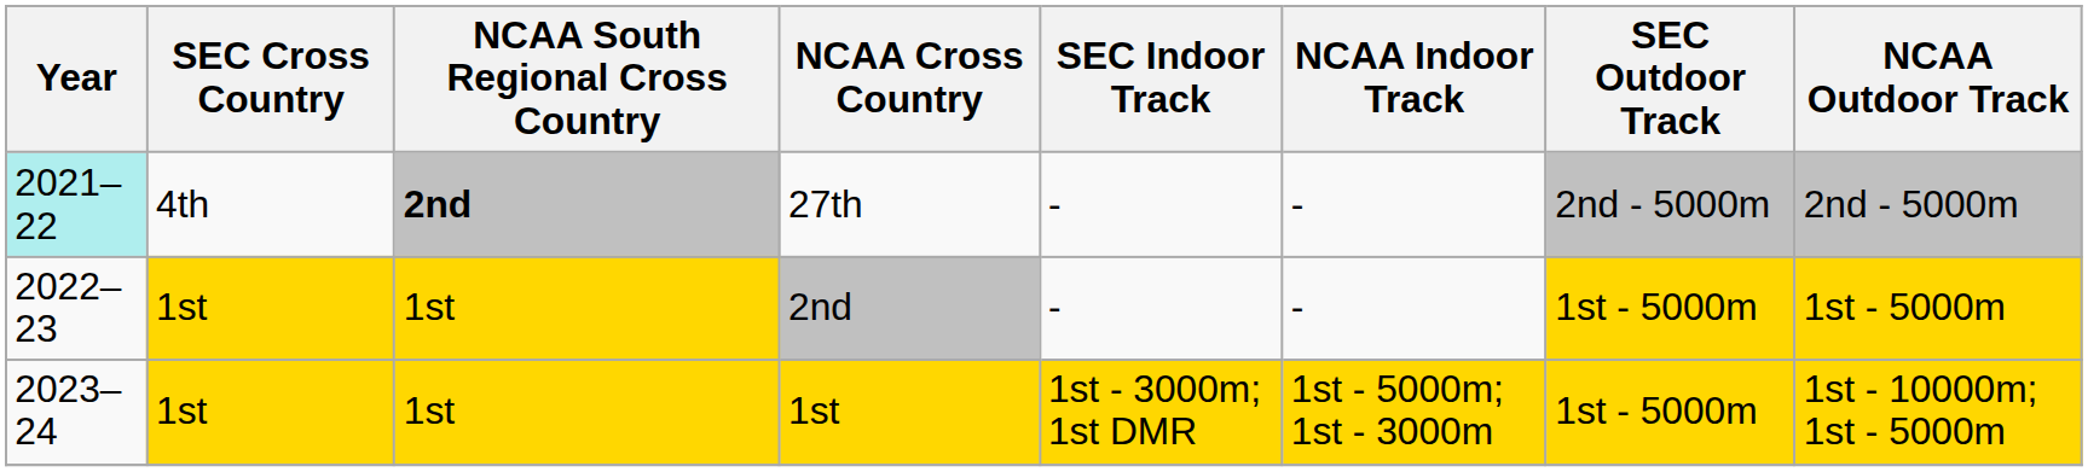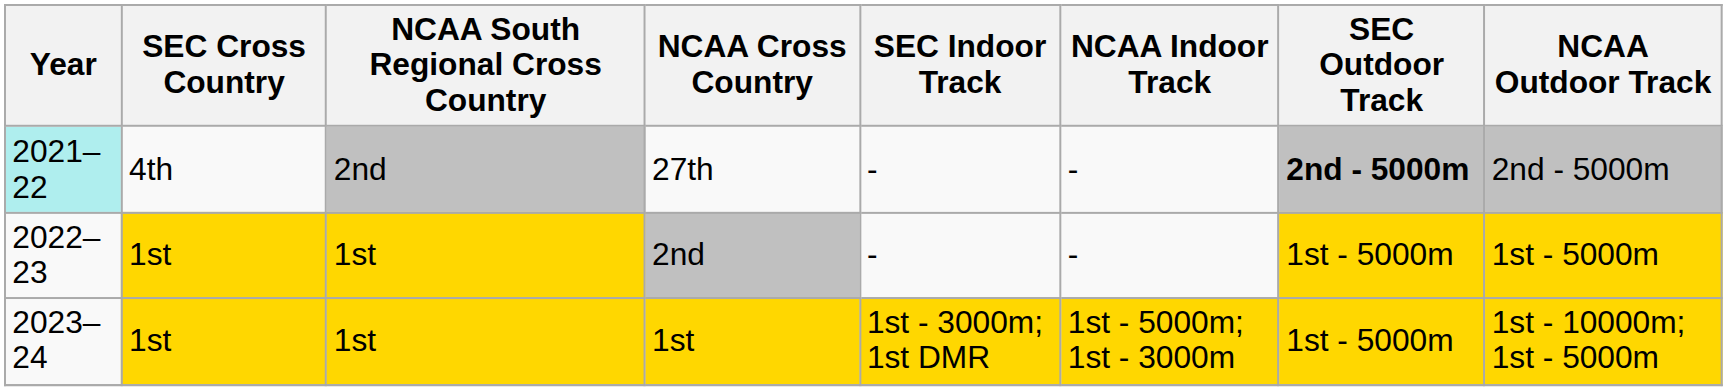 <table class="wikitable sortable">
 <tr>
 <th>Year</th>
 <th>SEC Cross Country</th>
 <th>NCAA South Regional Cross Country</th>
 <th>NCAA Cross Country</th>
 <th>SEC Indoor Track</th>
 <th>NCAA Indoor Track</th>
 <th>SEC Outdoor Track</th>
 <th>NCAA Outdoor Track</th>
 </tr>
 <tr>
 <td style="background: paleturquoise;">2021–22</td>
 <td>4th</td>
-<td bgcolor=silver><strong>2nd</strong></td>
+<td bgcolor=silver>2nd</td>
 <td>27th</td>
 <td>-</td>
 <td>-</td>
-<td bgcolor=silver>2nd - 5000m</td>
+<td bgcolor=silver><strong>2nd - 5000m</strong></td>
 <td bgcolor=silver>2nd - 5000m</td>
 </tr>
 <tr>
 <td>2022–23</td>
 <td bgcolor=gold>1st</td>
 <td bgcolor=gold>1st</td>
 <td bgcolor=silver>2nd</td>
 <td>-</td>
 <td>-</td>
 <td bgcolor=gold>1st - 5000m</td>
 <td bgcolor=gold>1st - 5000m</td>
 </tr>
 <tr>
 <td>2023–24</td>
 <td bgcolor=gold>1st</td>
 <td bgcolor=gold>1st</td>
 <td bgcolor=gold>1st</td>
 <td bgcolor=gold>1st - 3000m; 1st DMR</td>
 <td bgcolor=gold>1st - 5000m; 1st - 3000m</td>
 <td bgcolor=gold>1st - 5000m</td>
 <td bgcolor=gold>1st - 10000m; 1st - 5000m</td>
 </tr>
 <tr>
 </tr>
 </table>
